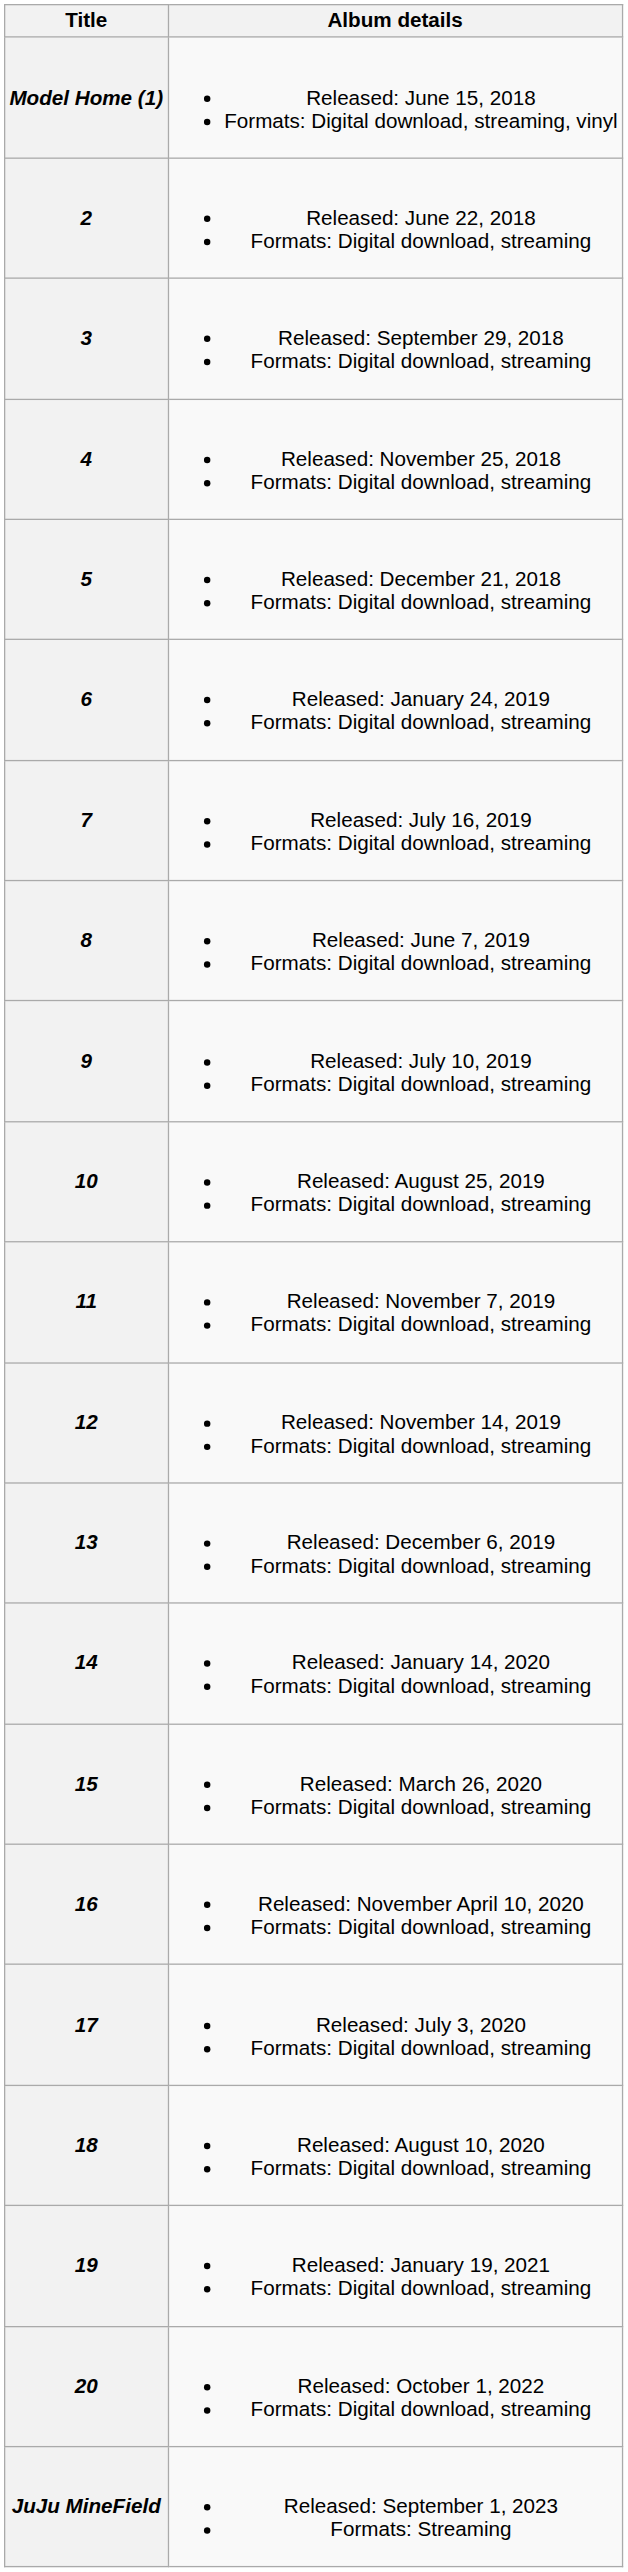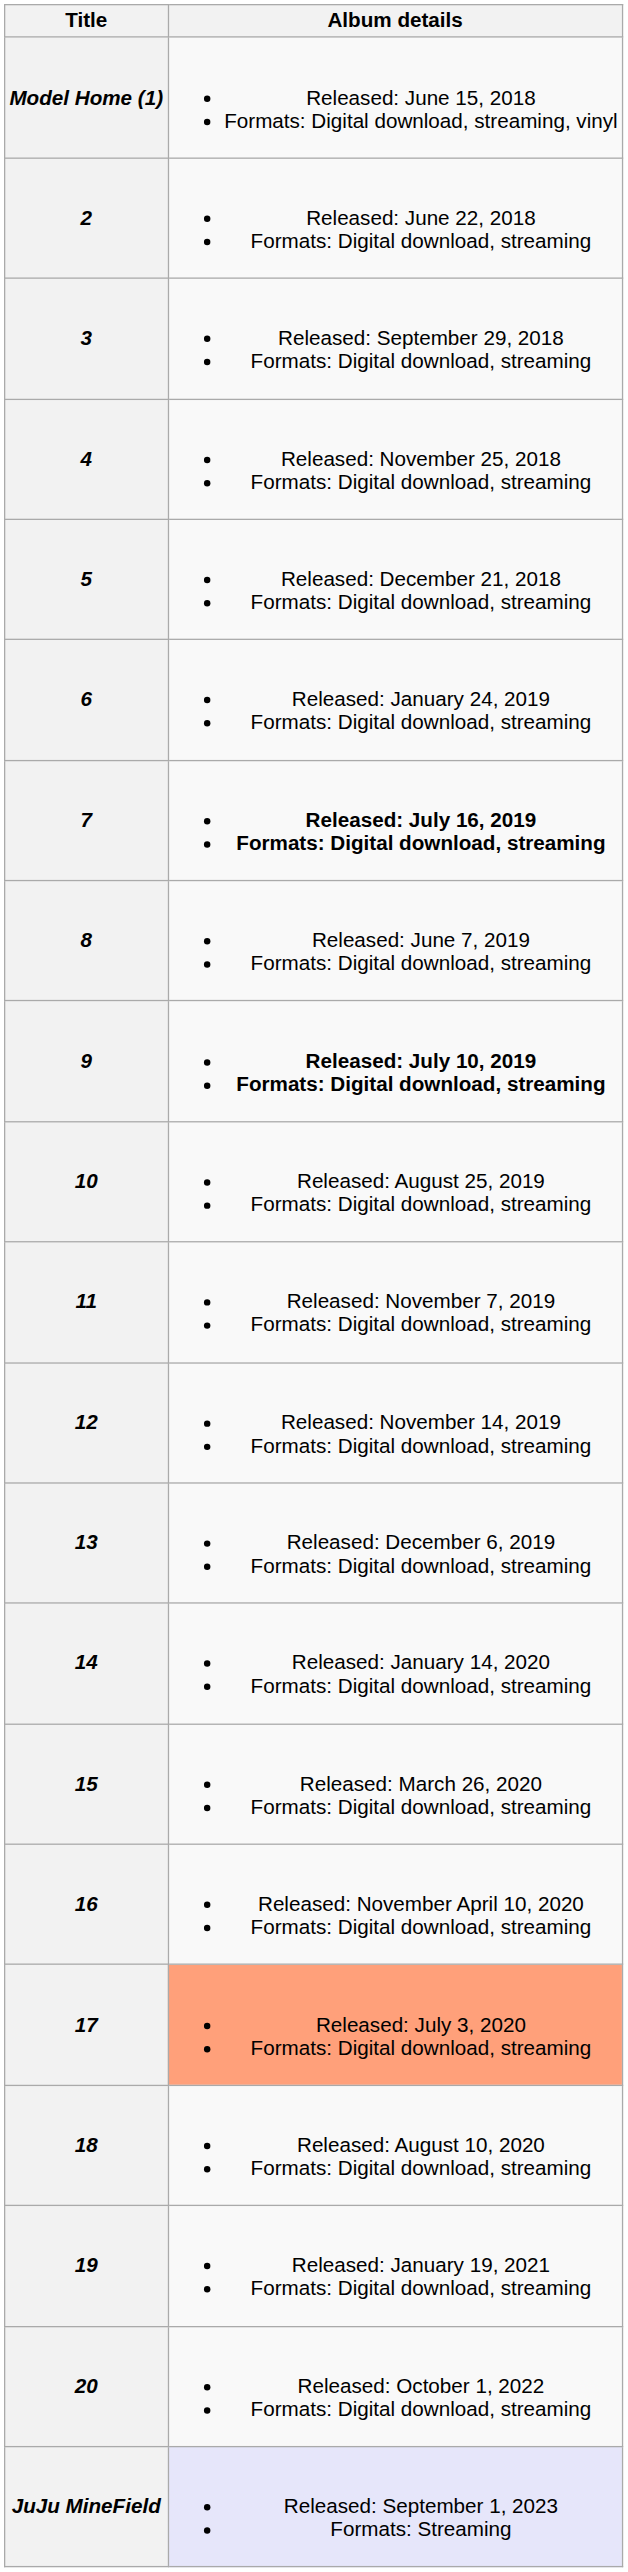 <table class="wikitable plainrowheaders" style="text-align:center;">
 <tr>
 <th scope="col">Title</th>
 <th scope="col">Album details</th>
 </tr>
 <tr>
 <th scope="row"><em>Model Home (1)</em></th>
 <td><br><ul><li>Released: June 15, 2018</li><li>Formats: Digital download, streaming, vinyl</li></ul></td>
 </tr>
 <tr>
 <th scope="row"><em>2</em></th>
 <td><br><ul><li>Released: June 22, 2018</li><li>Formats: Digital download, streaming</li></ul></td>
 </tr>
 <tr>
 <th scope="row"><em>3</em></th>
 <td><br><ul><li>Released: September 29, 2018</li><li>Formats: Digital download, streaming</li></ul></td>
 </tr>
 <tr>
 <th scope="row"><em>4</em></th>
 <td><br><ul><li>Released: November 25, 2018</li><li>Formats: Digital download, streaming</li></ul></td>
 </tr>
 <tr>
 <th scope="row"><em>5</em></th>
 <td><br><ul><li>Released: December 21, 2018</li><li>Formats: Digital download, streaming</li></ul></td>
 </tr>
 <tr>
 <th scope="row"><em>6</em></th>
 <td><br><ul><li>Released: January 24, 2019</li><li>Formats: Digital download, streaming</li></ul></td>
 </tr>
 <tr>
 <th scope="row"><em>7</em></th>
-<td><br><ul><li>Released: July 16, 2019</li><li>Formats: Digital download, streaming</li></ul></td>
+<td><strong><br><ul><li>Released: July 16, 2019</li><li>Formats: Digital download, streaming</li></ul></strong></td>
 </tr>
 <tr>
 <th scope="row"><em>8</em></th>
 <td><br><ul><li>Released: June 7, 2019</li><li>Formats: Digital download, streaming</li></ul></td>
 </tr>
 <tr>
 <th scope="row"><em>9</em></th>
-<td><br><ul><li>Released: July 10, 2019</li><li>Formats: Digital download, streaming</li></ul></td>
+<td><strong><br><ul><li>Released: July 10, 2019</li><li>Formats: Digital download, streaming</li></ul></strong></td>
 </tr>
 <tr>
 <th scope="row"><em>10</em></th>
 <td><br><ul><li>Released: August 25, 2019</li><li>Formats: Digital download, streaming</li></ul></td>
 </tr>
 <tr>
 <th scope="row"><em>11</em></th>
 <td><br><ul><li>Released: November 7, 2019</li><li>Formats: Digital download, streaming</li></ul></td>
 </tr>
 <tr>
 <th scope="row"><em>12</em></th>
 <td><br><ul><li>Released: November 14, 2019</li><li>Formats: Digital download, streaming</li></ul></td>
 </tr>
 <tr>
 <th scope="row"><em>13</em></th>
 <td><br><ul><li>Released: December 6, 2019</li><li>Formats: Digital download, streaming</li></ul></td>
 </tr>
 <tr>
 <th scope="row"><em>14</em></th>
 <td><br><ul><li>Released: January 14, 2020</li><li>Formats: Digital download, streaming</li></ul></td>
 </tr>
 <tr>
 <th scope="row"><em>15</em></th>
 <td><br><ul><li>Released: March 26, 2020</li><li>Formats: Digital download, streaming</li></ul></td>
 </tr>
 <tr>
 <th scope="row"><em>16</em></th>
 <td><br><ul><li>Released: November April 10, 2020</li><li>Formats: Digital download, streaming</li></ul></td>
 </tr>
 <tr>
 <th scope="row"><em>17</em></th>
-<td><br><ul><li>Released: July 3, 2020</li><li>Formats: Digital download, streaming</li></ul></td>
+<td style="background: lightsalmon;"><br><ul><li>Released: July 3, 2020</li><li>Formats: Digital download, streaming</li></ul></td>
 </tr>
 <tr>
 <th scope="row"><em>18</em></th>
 <td><br><ul><li>Released: August 10, 2020</li><li>Formats: Digital download, streaming</li></ul></td>
 </tr>
 <tr>
 <th scope="row"><em>19</em></th>
 <td><br><ul><li>Released: January 19, 2021</li><li>Formats: Digital download, streaming</li></ul></td>
 </tr>
 <tr>
 <th scope="row"><em>20</em></th>
 <td><br><ul><li>Released: October 1, 2022</li><li>Formats: Digital download, streaming</li></ul></td>
 </tr>
 <tr>
 <th scope="row"><em>JuJu MineField</em></th>
-<td><br><ul><li>Released: September 1, 2023</li><li>Formats: Streaming</li></ul></td>
+<td style="background: lavender;"><br><ul><li>Released: September 1, 2023</li><li>Formats: Streaming</li></ul></td>
 </tr>
 </table>
